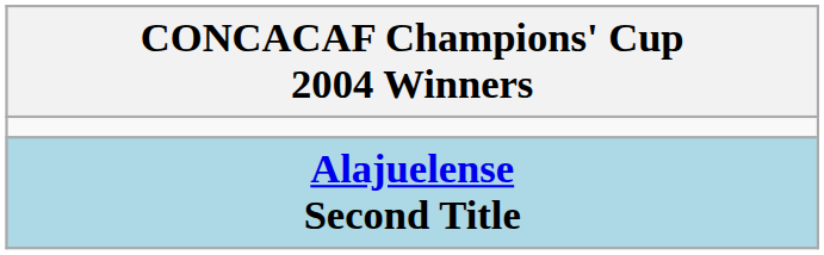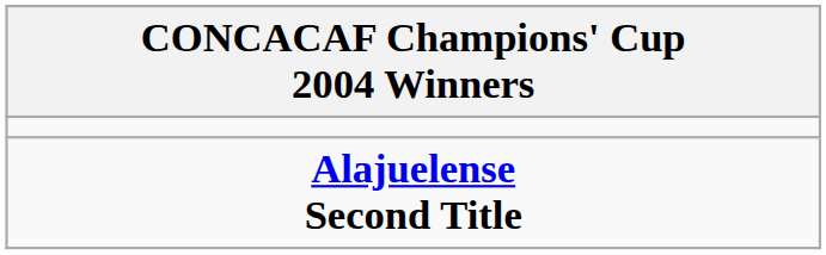 <table class="wikitable" style="text-align: center; margin: 0 auto; width: 20%">
 <tr>
 <th>CONCACAF Champions' Cup<br>2004 Winners</th>
 </tr>
 <tr>
 <td></td>
 </tr>
 <tr>
-<td style="background: lightblue;"><strong><a href='#'>Alajuelense</a></strong><br><strong>Second Title</strong></td>
+<td><strong><a href='#'>Alajuelense</a></strong><br><strong>Second Title</strong></td>
 </tr>
 </table>
